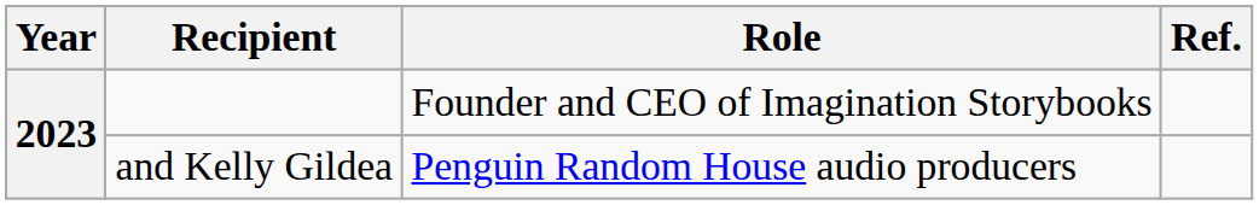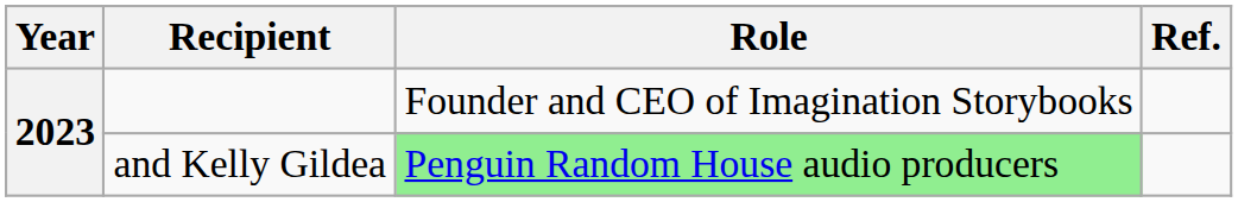 <table class="wikitable sortable mw-collapsible">
 <tr>
 <th>Year</th>
 <th>Recipient</th>
 <th>Role</th>
 <th>Ref.</th>
 </tr>
 <tr>
 <th rowspan="2">2023</th>
 <td></td>
 <td>Founder and CEO of Imagination Storybooks</td>
 <td></td>
 </tr>
 <tr>
 <td> and Kelly Gildea</td>
-<td><a href='#'>Penguin Random House</a> audio producers</td>
+<td style="background: lightgreen;"><a href='#'>Penguin Random House</a> audio producers</td>
 <td></td>
 </tr>
 </table>
